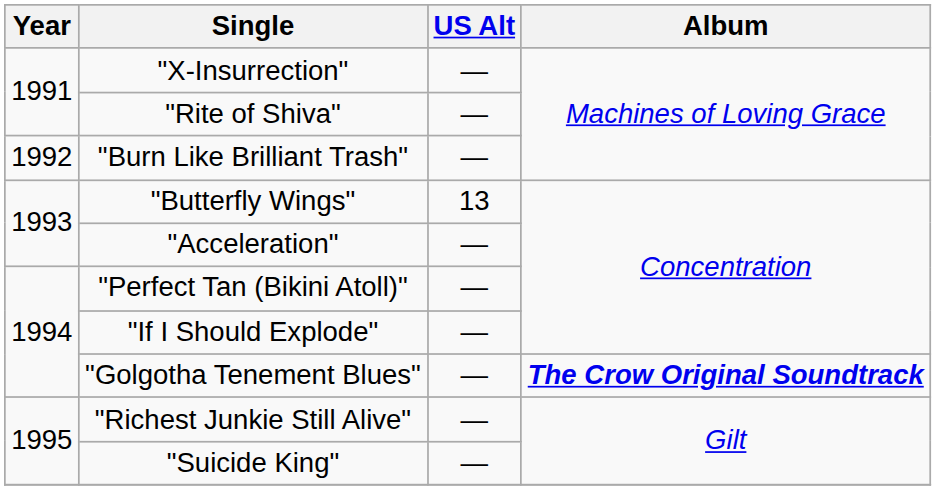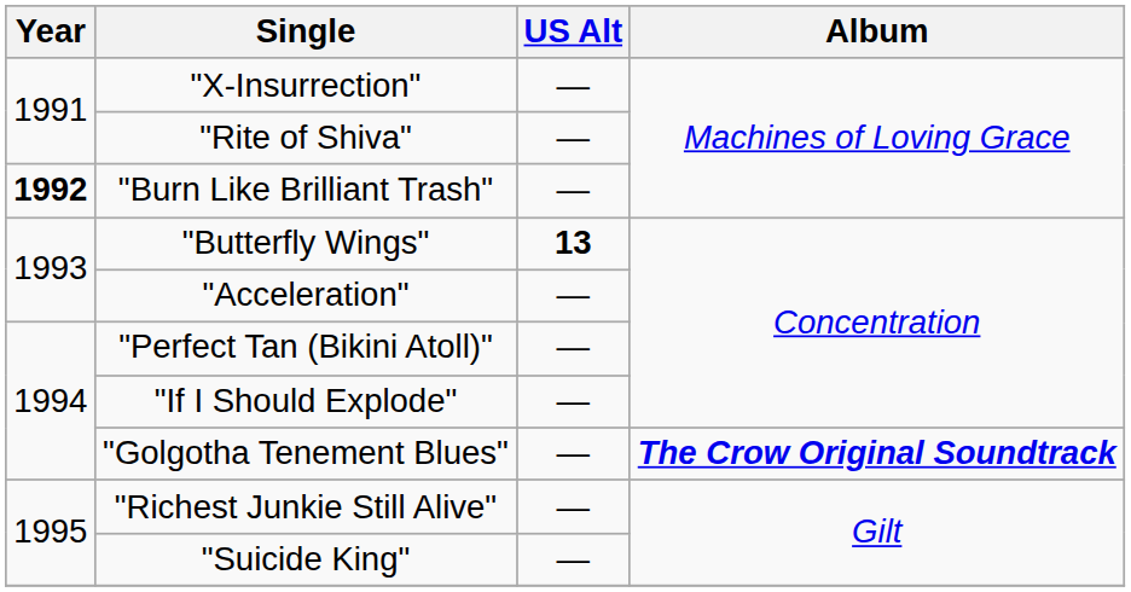 <table class="wikitable" style="text-align:center;">
 <tr>
 <th>Year</th>
 <th>Single</th>
 <th><a href='#'>US Alt</a></th>
 <th>Album</th>
 </tr>
 <tr>
 <td rowspan="2">1991</td>
 <td>"X-Insurrection"</td>
 <td>—</td>
 <td rowspan="3"><em><a href='#'>Machines of Loving Grace</a></em></td>
 </tr>
 <tr>
 <td>"Rite of Shiva"</td>
 <td>—</td>
 </tr>
 <tr>
-<td>1992</td>
+<td><strong>1992</strong></td>
 <td>"Burn Like Brilliant Trash"</td>
 <td>—</td>
 </tr>
 <tr>
 <td rowspan="2">1993</td>
 <td>"Butterfly Wings"</td>
-<td>13</td>
+<td><strong>13</strong></td>
 <td rowspan="4"><em><a href='#'>Concentration</a></em></td>
 </tr>
 <tr>
 <td>"Acceleration"</td>
 <td>—</td>
 </tr>
 <tr>
 <td rowspan="3">1994</td>
 <td>"Perfect Tan (Bikini Atoll)"</td>
 <td>—</td>
 </tr>
 <tr>
 <td>"If I Should Explode"</td>
 <td>—</td>
 </tr>
 <tr>
 <td>"Golgotha Tenement Blues"</td>
 <td>—</td>
 <td><strong><a href='#'><em>The Crow Original Soundtrack</em></a></strong></td>
 </tr>
 <tr>
 <td rowspan="2">1995</td>
 <td>"Richest Junkie Still Alive"</td>
 <td>—</td>
 <td rowspan="2"><em><a href='#'>Gilt</a></em></td>
 </tr>
 <tr>
 <td>"Suicide King"</td>
 <td>—</td>
 </tr>
 <tr>
 </tr>
 </table>
